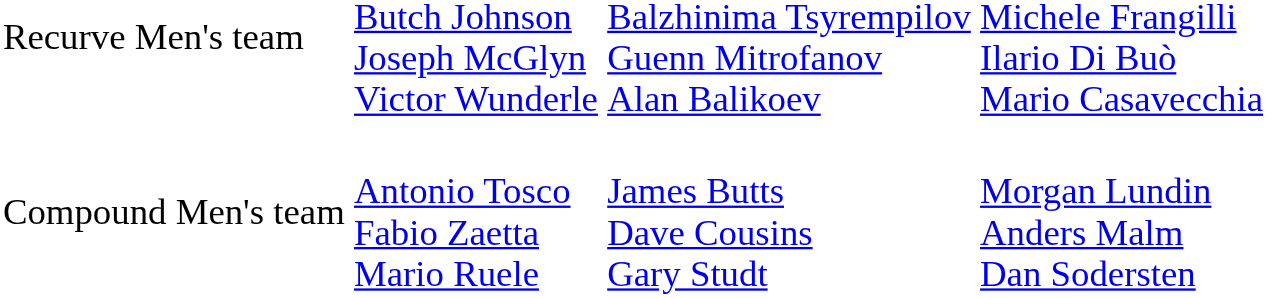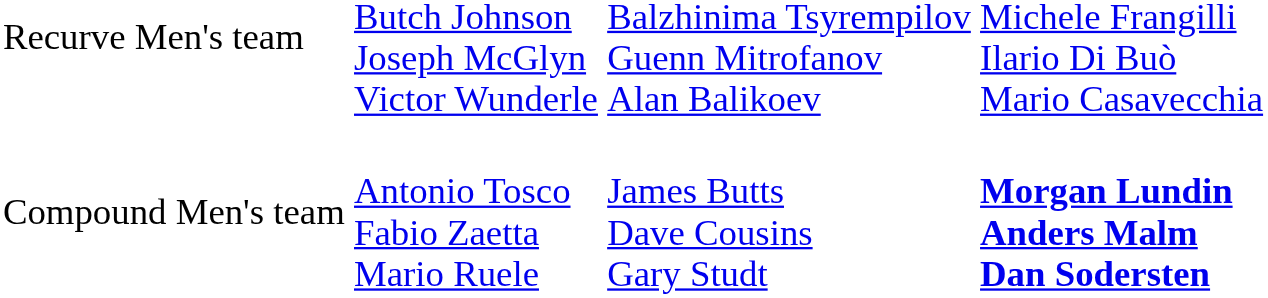 <table>
 <tr>
 <td>Recurve Men's team<br></td>
 <td><br><a href='#'>Butch Johnson</a><br><a href='#'>Joseph McGlyn</a><br><a href='#'>Victor Wunderle</a></td>
 <td><br><a href='#'>Balzhinima Tsyrempilov</a><br><a href='#'>Guenn Mitrofanov</a><br><a href='#'>Alan Balikoev</a></td>
 <td><br><a href='#'>Michele Frangilli</a><br><a href='#'>Ilario Di Buò</a><br><a href='#'>Mario Casavecchia</a></td>
 </tr>
 <tr>
 <td>Compound Men's team<br></td>
 <td><br><a href='#'>Antonio Tosco</a><br><a href='#'>Fabio Zaetta</a><br><a href='#'>Mario Ruele</a></td>
 <td><br><a href='#'>James Butts</a><br><a href='#'>Dave Cousins</a><br><a href='#'>Gary Studt</a></td>
-<td><br><a href='#'>Morgan Lundin</a><br><a href='#'>Anders Malm</a><br><a href='#'>Dan Sodersten</a></td>
+<td><strong><br><a href='#'>Morgan Lundin</a><br><a href='#'>Anders Malm</a><br><a href='#'>Dan Sodersten</a></strong></td>
 </tr>
 </table>
